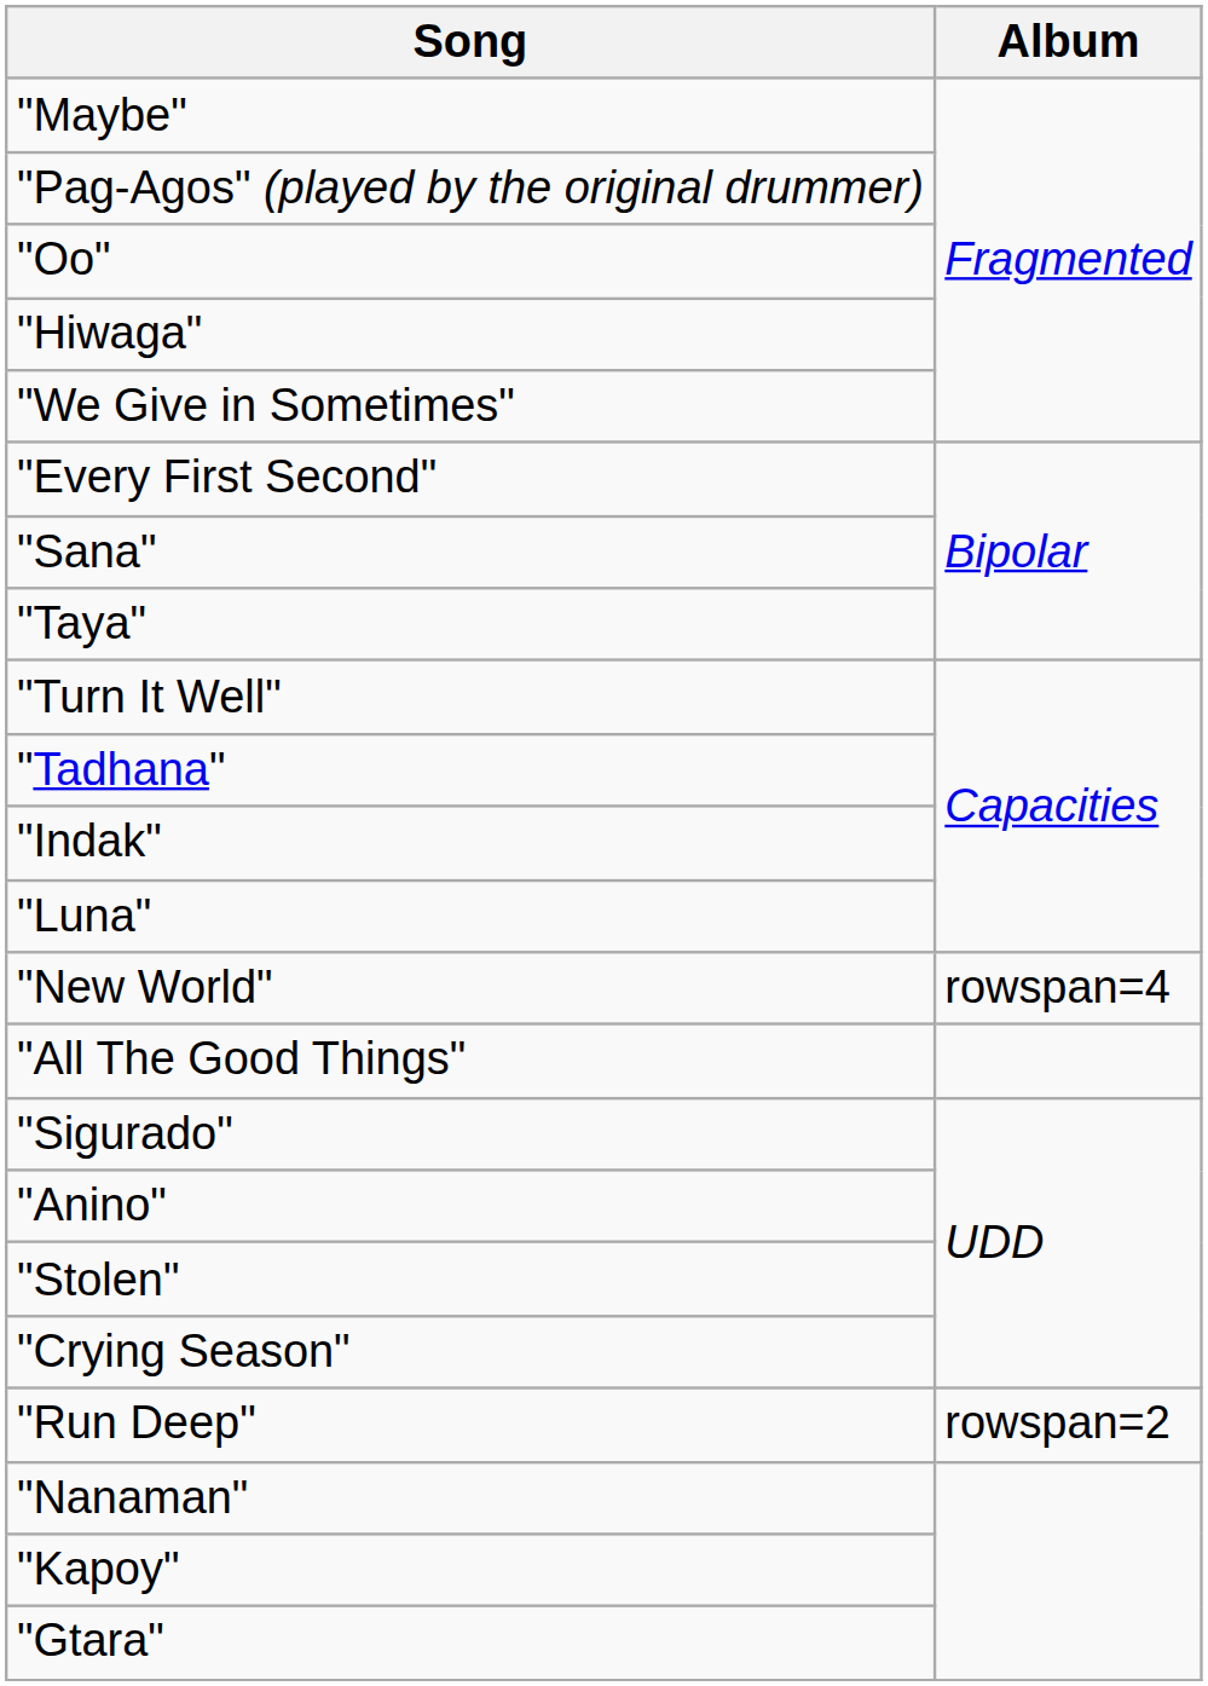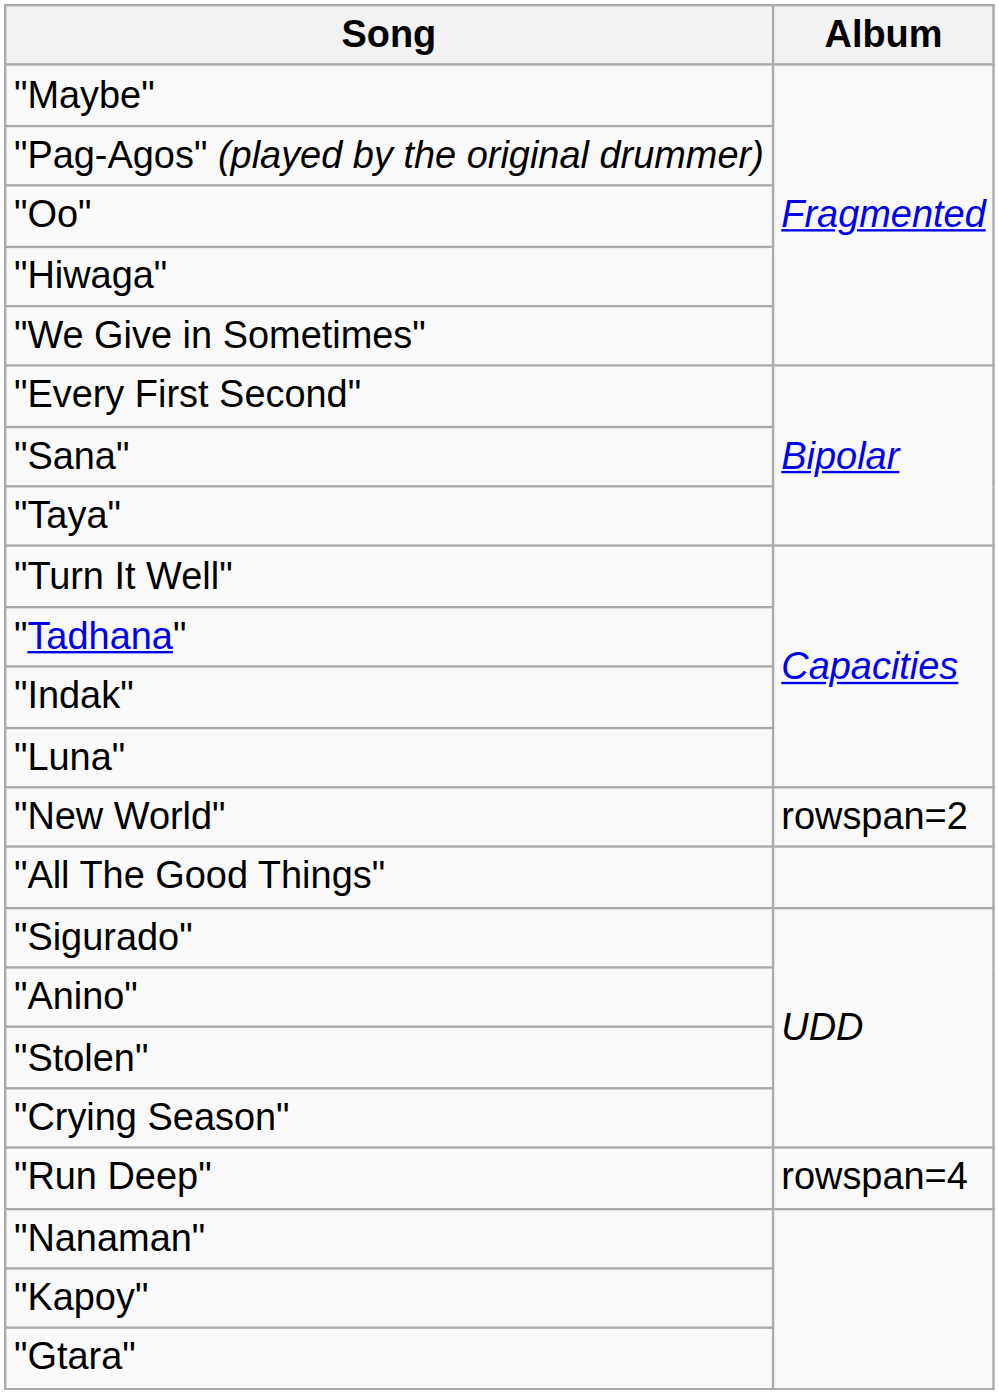 <table class="wikitable">
 <tr>
 <th>Song</th>
 <th>Album</th>
 </tr>
 <tr>
 <td>"Maybe"</td>
 <td rowspan=5><em><a href='#'>Fragmented</a></em></td>
 </tr>
 <tr>
 <td>"Pag-Agos" <em>(played by the original drummer)</em></td>
 </tr>
 <tr>
 <td>"Oo"</td>
 </tr>
 <tr>
 <td>"Hiwaga"</td>
 </tr>
 <tr>
 <td>"We Give in Sometimes"</td>
 </tr>
 <tr>
 <td>"Every First Second"</td>
 <td rowspan=3><em><a href='#'>Bipolar</a></em></td>
 </tr>
 <tr>
 <td>"Sana"</td>
 </tr>
 <tr>
 <td>"Taya"</td>
 </tr>
 <tr>
 <td>"Turn It Well"</td>
 <td rowspan=4><em><a href='#'>Capacities</a></em></td>
 </tr>
 <tr>
 <td>"<a href='#'>Tadhana</a>"</td>
 </tr>
 <tr>
 <td>"Indak"</td>
 </tr>
 <tr>
 <td>"Luna"</td>
 </tr>
 <tr>
 <td>"New World"</td>
-<td>rowspan=4 </td>
+<td>rowspan=2 </td>
 </tr>
 <tr>
 <td>"All The Good Things"</td>
 </tr>
 <tr>
 <td>"Sigurado"</td>
 <td rowspan="4"><em>UDD</em></td>
 </tr>
 <tr>
 <td>"Anino"</td>
 </tr>
 <tr>
 <td>"Stolen"</td>
 </tr>
 <tr>
 <td>"Crying Season"</td>
 </tr>
 <tr>
 <td>"Run Deep"</td>
-<td>rowspan=2 </td>
+<td>rowspan=4 </td>
 </tr>
 <tr>
 <td>"Nanaman"</td>
 </tr>
 <tr>
 <td>"Kapoy" </td>
 </tr>
 <tr>
 <td>"Gtara" </td>
 </tr>
 <tr>
 </tr>
 </table>
